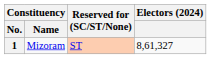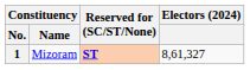 <table class="wikitable sortable">
 <tr>
 <th scope=colgroup colspan="2">Constituency</th>
 <th scope=col rowspan=2>Reserved for<br>(SC/ST/None)</th>
 <th>Electors (2024)</th>
 </tr>
 <tr>
 <th scope=col>No.</th>
 <th scope=col>Name</th>
 <th></th>
 </tr>
 <tr>
 <th scope=row>1</th>
 <td><a href='#'>Mizoram</a></td>
-<td style="background:#fdcdb0;"><a href='#'>ST</a></td>
+<td style="background:#fdcdb0;"><strong><a href='#'>ST</a></strong></td>
 <td>8,61,327</td>
 </tr>
 </table>
